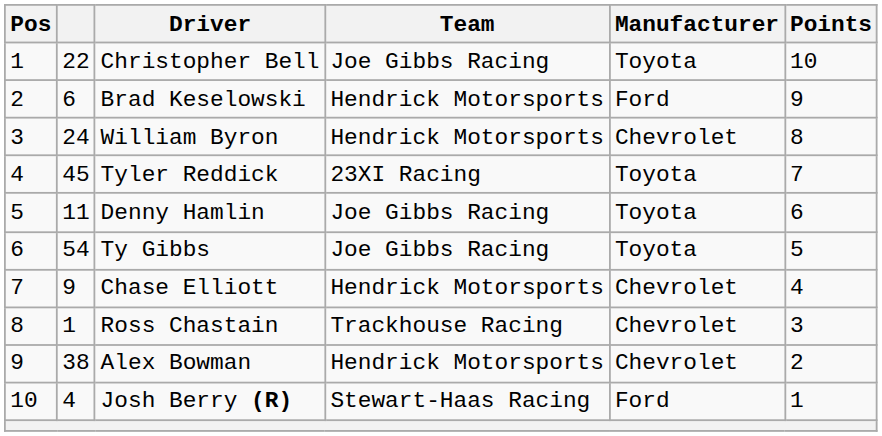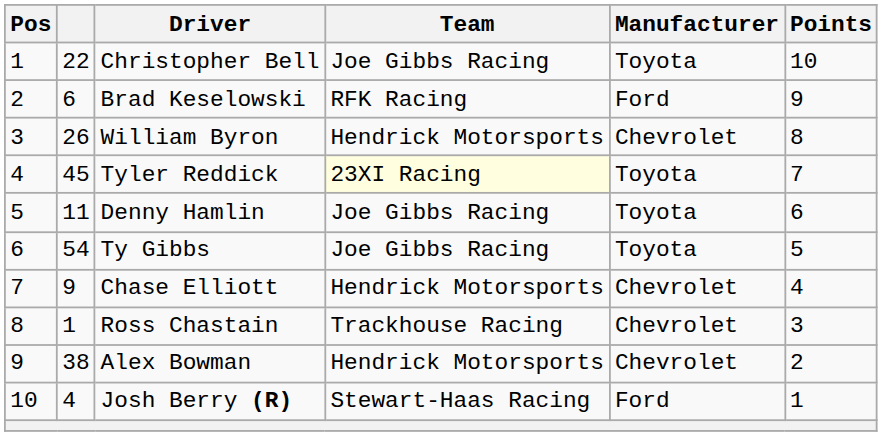 <table class="wikitable" style="font-size:98%">
 <tr>
 <th>Pos</th>
 <th></th>
 <th>Driver</th>
 <th>Team</th>
 <th>Manufacturer</th>
 <th>Points</th>
 </tr>
 <tr>
 <td>1</td>
 <td>22</td>
 <td>Christopher Bell</td>
 <td>Joe Gibbs Racing</td>
 <td>Toyota</td>
 <td>10</td>
 </tr>
 <tr>
 <td>2</td>
 <td>6</td>
 <td>Brad Keselowski</td>
-<td>Hendrick Motorsports</td>
+<td>RFK Racing</td>
 <td>Ford</td>
 <td>9</td>
 </tr>
 <tr>
 <td>3</td>
-<td>24</td>
+<td>26</td>
 <td>William Byron</td>
 <td>Hendrick Motorsports</td>
 <td>Chevrolet</td>
 <td>8</td>
 </tr>
 <tr>
 <td>4</td>
 <td>45</td>
 <td>Tyler Reddick</td>
-<td>23XI Racing</td>
+<td style="background: lightyellow;">23XI Racing</td>
 <td>Toyota</td>
 <td>7</td>
 </tr>
 <tr>
 <td>5</td>
 <td>11</td>
 <td>Denny Hamlin</td>
 <td>Joe Gibbs Racing</td>
 <td>Toyota</td>
 <td>6</td>
 </tr>
 <tr>
 <td>6</td>
 <td>54</td>
 <td>Ty Gibbs</td>
 <td>Joe Gibbs Racing</td>
 <td>Toyota</td>
 <td>5</td>
 </tr>
 <tr>
 <td>7</td>
 <td>9</td>
 <td>Chase Elliott</td>
 <td>Hendrick Motorsports</td>
 <td>Chevrolet</td>
 <td>4</td>
 </tr>
 <tr>
 <td>8</td>
 <td>1</td>
 <td>Ross Chastain</td>
 <td>Trackhouse Racing</td>
 <td>Chevrolet</td>
 <td>3</td>
 </tr>
 <tr>
 <td>9</td>
 <td>38</td>
 <td>Alex Bowman</td>
 <td>Hendrick Motorsports</td>
 <td>Chevrolet</td>
 <td>2</td>
 </tr>
 <tr>
 <td>10</td>
 <td>4</td>
 <td>Josh Berry <strong>(R)</strong></td>
 <td>Stewart-Haas Racing</td>
 <td>Ford</td>
 <td>1</td>
 </tr>
 <tr>
 <th colspan="6"></th>
 </tr>
 </table>
